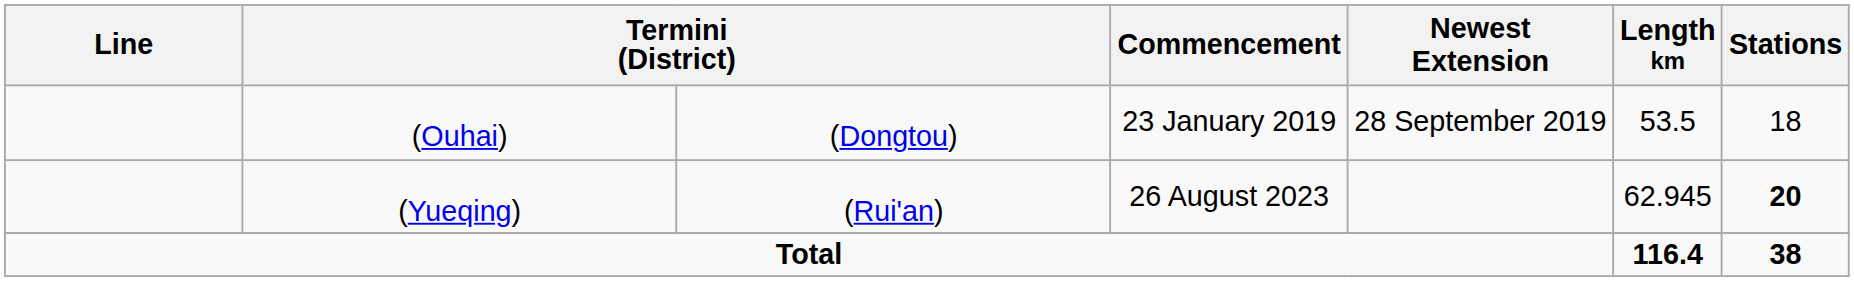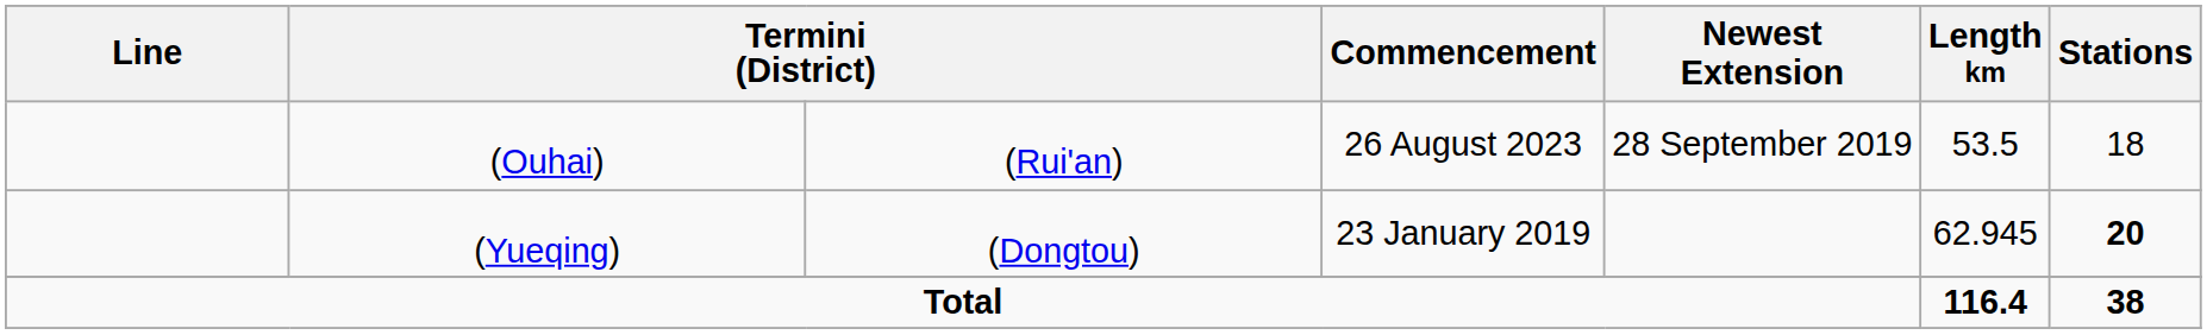 <table class="wikitable sortable" style="cell-padding:1.5; font-size:96%; text-align:center;">
 <tr>
 <th data-sort-type="text"style="width:120px;">Line</th>
 <th class="unsortable" colspan="2" style="width:450px; line-height:1.05">Termini<br>(District)</th>
 <th>Commencement</th>
 <th>Newest<br>Extension</th>
 <th style="line-height:1.05">Length<br><small>km</small></th>
 <th style="line-height:1.05">Stations</th>
 </tr>
 <tr>
 <td style="text-align:center; line-height:1.05"></td>
 <td style="text-align:center; width:225px; line-height:1.05"><strong></strong><br>(<a href='#'>Ouhai</a>)</td>
-<td style="text-align:center; width:225px; line-height:1.05"><strong></strong><br>(<a href='#'>Dongtou</a>)</td>
-<td style="text-align:center; line-height:1.05">23 January 2019</td>
+<td style="text-align:center; width:225px; line-height:1.05"><strong></strong><br>(<a href='#'>Rui'an</a>)</td>
+<td style="text-align:center; line-height:1.05">26 August 2023</td>
 <td style="text-align:center; line-height:1.05">28 September 2019</td>
 <td style="text-align:center; line-height:1.05">53.5</td>
 <td style="text-align:center; line-height:1.05">18</td>
 </tr>
 <tr>
 <td style="text-align:center; line-height:1.05"></td>
 <td style="text-align:center; width:225px; line-height:1.05"><strong></strong><br>(<a href='#'>Yueqing</a>)</td>
-<td style="text-align:center; width:225px; line-height:1.05"><strong></strong><br>(<a href='#'>Rui'an</a>)</td>
-<td style="text-align:center; line-height:1.05">26 August 2023</td>
+<td style="text-align:center; width:225px; line-height:1.05"><strong></strong><br>(<a href='#'>Dongtou</a>)</td>
+<td style="text-align:center; line-height:1.05">23 January 2019</td>
 <td style="text-align:center; line-height:1.05"></td>
 <td style="text-align:center; line-height:1.05">62.945</td>
 <td style="text-align:center; line-height:1.05"><strong>20</strong></td>
 </tr>
 <tr>
 </tr>
 <tr class="sortbottom">
 <td style="text-align:center; line-height:1.05" colspan="5"><strong>Total</strong></td>
 <td style="text-align:center; line-height:1.05"><strong>116.4</strong></td>
 <td style="text-align:center; line-height:1.05"><strong>38</strong></td>
 </tr>
 </table>
